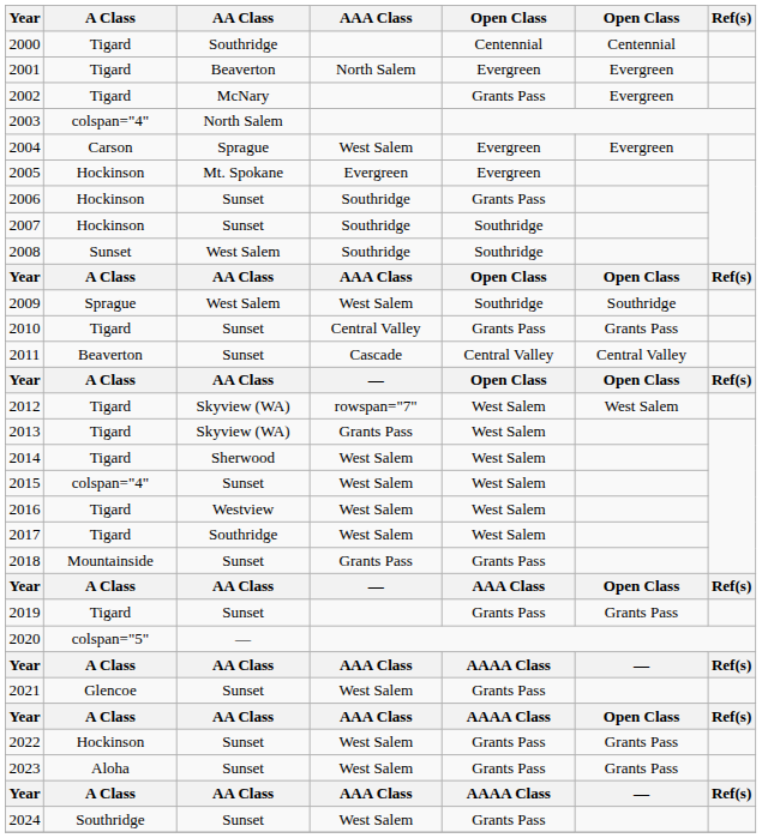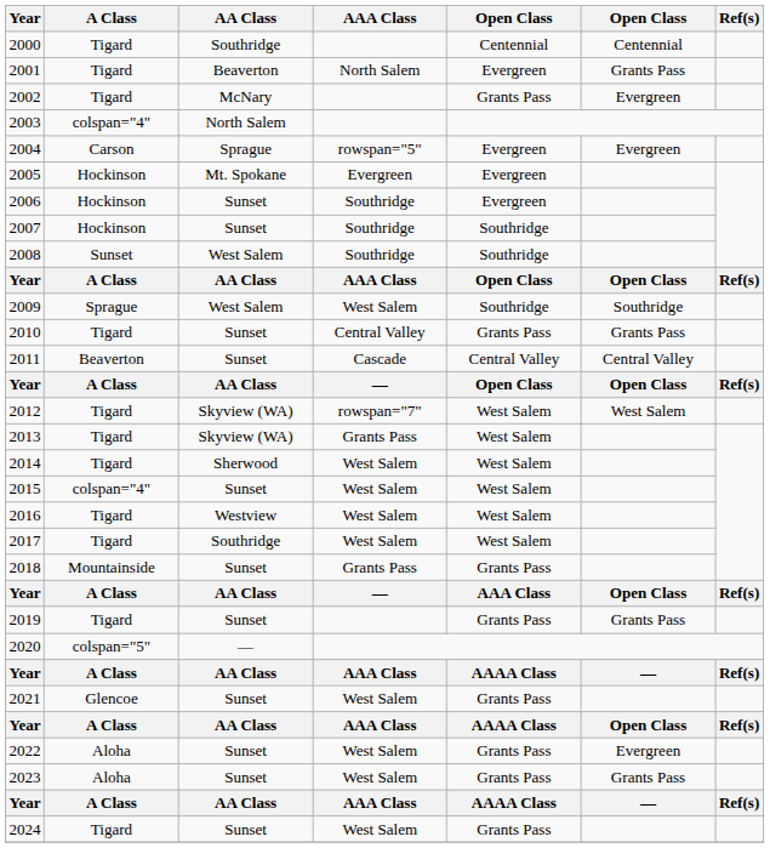 <table class="wikitable" style="font-size: 95%; text-align:center;">
 <tr>
 <th>Year</th>
 <th style="min-width: 8em;">A Class</th>
 <th style="min-width: 8em;">AA Class</th>
 <th style="min-width: 8em;">AAA Class</th>
 <th style="min-width: 8em;">Open Class</th>
 <th style="min-width: 8em;">Open Class</th>
 <th>Ref(s)</th>
 </tr>
 <tr>
 <td>2000</td>
 <td>Tigard</td>
 <td>Southridge</td>
 <td></td>
 <td>Centennial</td>
 <td>Centennial</td>
 <td></td>
 </tr>
 <tr>
 <td>2001</td>
 <td>Tigard</td>
 <td>Beaverton</td>
 <td>North Salem</td>
 <td>Evergreen</td>
-<td>Evergreen</td>
+<td>Grants Pass</td>
 <td></td>
 </tr>
 <tr>
 <td>2002</td>
 <td>Tigard</td>
 <td>McNary</td>
 <td></td>
 <td>Grants Pass</td>
 <td>Evergreen</td>
 <td></td>
 </tr>
 <tr>
 <td>2003</td>
 <td>colspan="4" </td>
 <td>North Salem</td>
 <td></td>
 </tr>
 <tr>
 <td>2004</td>
 <td>Carson</td>
 <td>Sprague</td>
-<td>West Salem</td>
+<td>rowspan="5" </td>
 <td>Evergreen</td>
 <td>Evergreen</td>
 <td></td>
 </tr>
 <tr>
 <td>2005</td>
 <td>Hockinson</td>
 <td>Mt. Spokane</td>
 <td>Evergreen</td>
 <td>Evergreen</td>
 <td></td>
 </tr>
 <tr>
 <td>2006</td>
 <td>Hockinson</td>
 <td>Sunset</td>
 <td>Southridge</td>
-<td>Grants Pass</td>
+<td>Evergreen</td>
 <td></td>
 </tr>
 <tr>
 <td>2007</td>
 <td>Hockinson</td>
 <td>Sunset</td>
 <td>Southridge</td>
 <td>Southridge</td>
 <td></td>
 </tr>
 <tr>
 <td>2008</td>
 <td>Sunset</td>
 <td>West Salem</td>
 <td>Southridge</td>
 <td>Southridge</td>
 <td></td>
 </tr>
 <tr>
 <th>Year</th>
 <th>A Class</th>
 <th>AA Class</th>
 <th>AAA Class</th>
 <th>Open Class</th>
 <th>Open Class</th>
 <th>Ref(s)</th>
 </tr>
 <tr>
 <td>2009</td>
 <td>Sprague</td>
 <td>West Salem</td>
 <td>West Salem</td>
 <td>Southridge</td>
 <td>Southridge</td>
 <td></td>
 </tr>
 <tr>
 <td>2010</td>
 <td>Tigard</td>
 <td>Sunset</td>
 <td>Central Valley</td>
 <td>Grants Pass</td>
 <td>Grants Pass</td>
 <td></td>
 </tr>
 <tr>
 <td>2011</td>
 <td>Beaverton</td>
 <td>Sunset</td>
 <td>Cascade</td>
 <td>Central Valley</td>
 <td>Central Valley</td>
 <td></td>
 </tr>
 <tr>
 <th>Year</th>
 <th>A Class</th>
 <th>AA Class</th>
 <th>—</th>
 <th>Open Class</th>
 <th>Open Class</th>
 <th>Ref(s)</th>
 </tr>
 <tr>
 <td>2012</td>
 <td>Tigard</td>
 <td>Skyview (WA)</td>
 <td>rowspan="7" </td>
 <td>West Salem</td>
 <td>West Salem</td>
 <td></td>
 </tr>
 <tr>
 <td>2013</td>
 <td>Tigard</td>
 <td>Skyview (WA)</td>
 <td>Grants Pass</td>
 <td>West Salem</td>
 <td></td>
 </tr>
 <tr>
 <td>2014</td>
 <td>Tigard</td>
 <td>Sherwood</td>
 <td>West Salem</td>
 <td>West Salem</td>
 <td></td>
 </tr>
 <tr>
 <td>2015</td>
 <td>colspan="4" </td>
 <td>Sunset</td>
 <td>West Salem</td>
 <td>West Salem</td>
 <td></td>
 </tr>
 <tr>
 <td>2016</td>
 <td>Tigard</td>
 <td>Westview</td>
 <td>West Salem</td>
 <td>West Salem</td>
 <td></td>
 </tr>
 <tr>
 <td>2017</td>
 <td>Tigard</td>
 <td>Southridge</td>
 <td>West Salem</td>
 <td>West Salem</td>
 <td></td>
 </tr>
 <tr>
 <td>2018</td>
 <td>Mountainside</td>
 <td>Sunset</td>
 <td>Grants Pass</td>
 <td>Grants Pass</td>
 <td></td>
 </tr>
 <tr>
 <th>Year</th>
 <th>A Class</th>
 <th>AA Class</th>
 <th>—</th>
 <th>AAA Class</th>
 <th>Open Class</th>
 <th>Ref(s)</th>
 </tr>
 <tr>
 <td>2019</td>
 <td>Tigard</td>
 <td>Sunset</td>
 <td></td>
 <td>Grants Pass</td>
 <td>Grants Pass</td>
 <td></td>
 </tr>
 <tr>
 <td>2020</td>
 <td>colspan="5" </td>
 <td>—</td>
 </tr>
 <tr>
 <th>Year</th>
 <th>A Class</th>
 <th>AA Class</th>
 <th>AAA Class</th>
 <th>AAAA Class</th>
 <th>—</th>
 <th>Ref(s)</th>
 </tr>
 <tr>
 <td>2021</td>
 <td>Glencoe</td>
 <td>Sunset</td>
 <td>West Salem</td>
 <td>Grants Pass</td>
 <td></td>
 <td></td>
 </tr>
 <tr>
 <th>Year</th>
 <th>A Class</th>
 <th>AA Class</th>
 <th>AAA Class</th>
 <th>AAAA Class</th>
 <th>Open Class</th>
 <th>Ref(s)</th>
 </tr>
 <tr>
 <td>2022</td>
-<td>Hockinson</td>
+<td>Aloha</td>
 <td>Sunset</td>
 <td>West Salem</td>
 <td>Grants Pass</td>
-<td>Grants Pass</td>
+<td>Evergreen</td>
 <td></td>
 </tr>
 <tr>
 <td>2023</td>
 <td>Aloha</td>
 <td>Sunset</td>
 <td>West Salem</td>
 <td>Grants Pass</td>
 <td>Grants Pass</td>
 <td></td>
 </tr>
 <tr>
 <th>Year</th>
 <th>A Class</th>
 <th>AA Class</th>
 <th>AAA Class</th>
 <th>AAAA Class</th>
 <th>—</th>
 <th>Ref(s)</th>
 </tr>
 <tr>
 <td>2024</td>
-<td>Southridge</td>
+<td>Tigard</td>
 <td>Sunset</td>
 <td>West Salem</td>
 <td>Grants Pass</td>
 <td></td>
 <td></td>
 </tr>
 <tr>
 </tr>
 </table>
